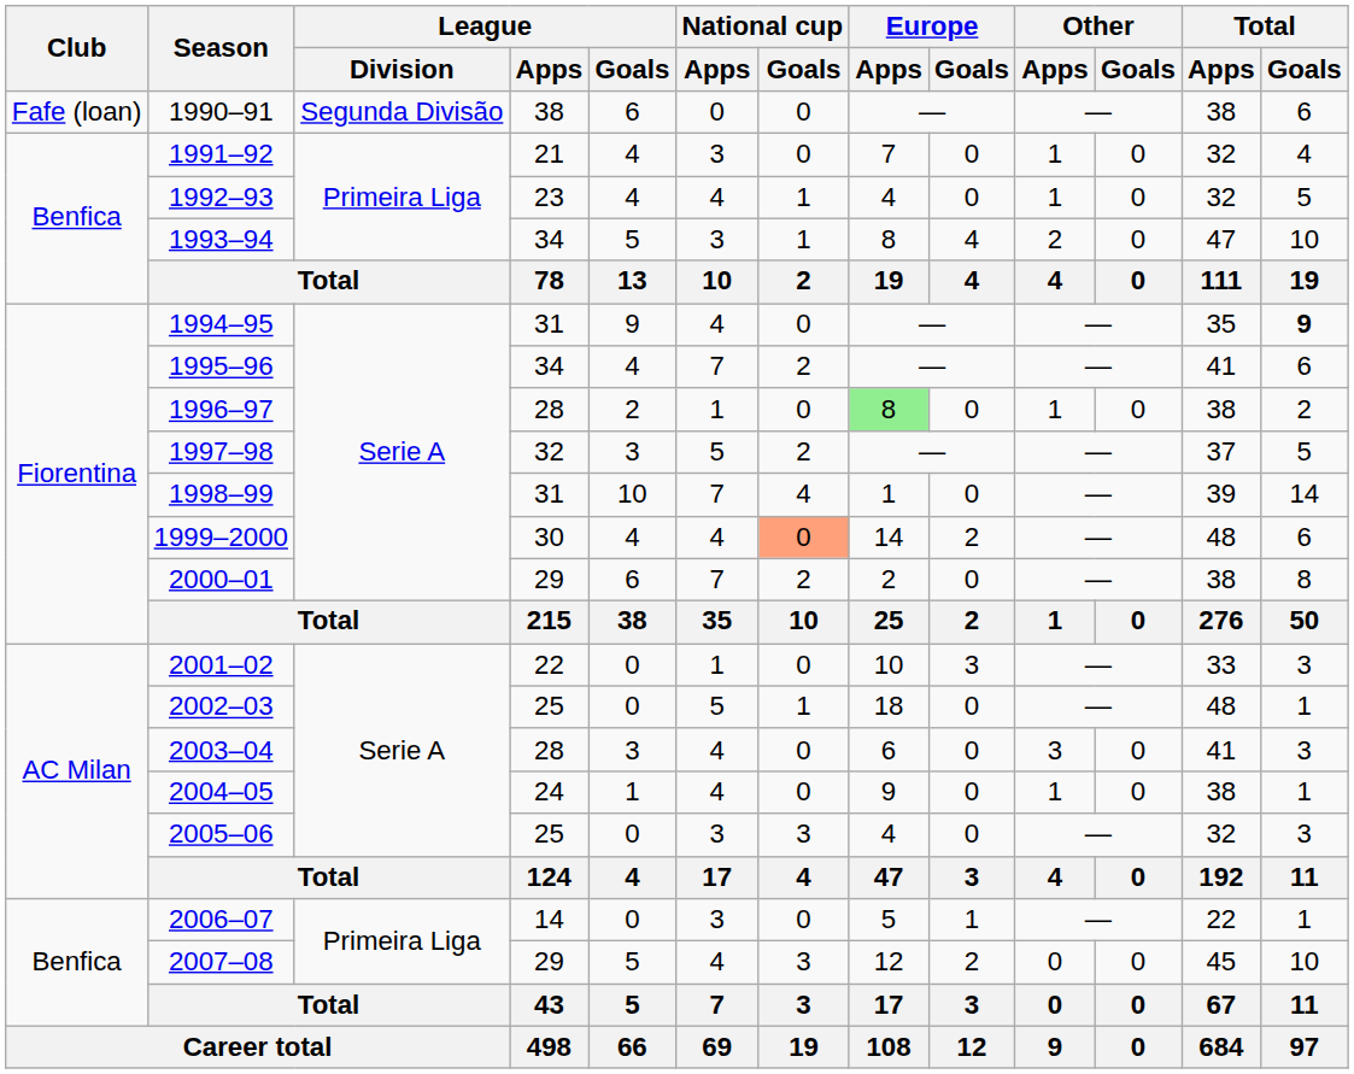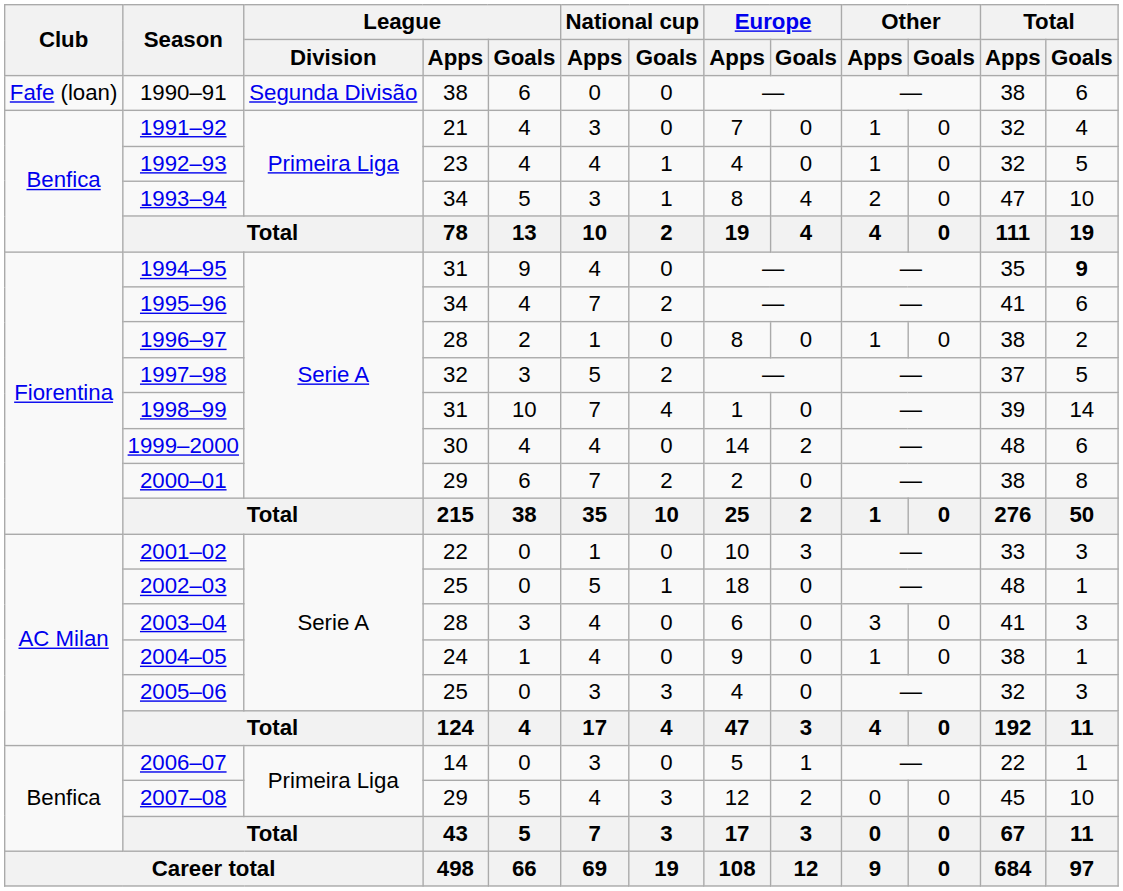 <table class="wikitable" style="text-align:center">
 <tr>
 <th rowspan="2">Club</th>
 <th rowspan="2">Season</th>
 <th colspan="3">League</th>
 <th colspan="2">National cup</th>
 <th colspan="2"><a href='#'>Europe</a></th>
 <th colspan="2">Other</th>
 <th colspan="2">Total</th>
 </tr>
 <tr>
 <th>Division</th>
 <th>Apps</th>
 <th>Goals</th>
 <th>Apps</th>
 <th>Goals</th>
 <th>Apps</th>
 <th>Goals</th>
 <th>Apps</th>
 <th>Goals</th>
 <th>Apps</th>
 <th>Goals</th>
 </tr>
 <tr>
 <td><a href='#'>Fafe</a> (loan)</td>
 <td>1990–91</td>
 <td><a href='#'>Segunda Divisão</a></td>
 <td>38</td>
 <td>6</td>
 <td>0</td>
 <td>0</td>
 <td colspan="2">—</td>
 <td colspan="2">—</td>
 <td>38</td>
 <td>6</td>
 </tr>
 <tr>
 <td rowspan="4"><a href='#'>Benfica</a></td>
 <td><a href='#'>1991–92</a></td>
 <td rowspan="3"><a href='#'>Primeira Liga</a></td>
 <td>21</td>
 <td>4</td>
 <td>3</td>
 <td>0</td>
 <td>7</td>
 <td>0</td>
 <td>1</td>
 <td>0</td>
 <td>32</td>
 <td>4</td>
 </tr>
 <tr>
 <td><a href='#'>1992–93</a></td>
 <td>23</td>
 <td>4</td>
 <td>4</td>
 <td>1</td>
 <td>4</td>
 <td>0</td>
 <td>1</td>
 <td>0</td>
 <td>32</td>
 <td>5</td>
 </tr>
 <tr>
 <td><a href='#'>1993–94</a></td>
 <td>34</td>
 <td>5</td>
 <td>3</td>
 <td>1</td>
 <td>8</td>
 <td>4</td>
 <td>2</td>
 <td>0</td>
 <td>47</td>
 <td>10</td>
 </tr>
 <tr>
 <th colspan="2">Total</th>
 <th>78</th>
 <th>13</th>
 <th>10</th>
 <th>2</th>
 <th>19</th>
 <th>4</th>
 <th>4</th>
 <th>0</th>
 <th>111</th>
 <th>19</th>
 </tr>
 <tr>
 <td rowspan="8"><a href='#'>Fiorentina</a></td>
 <td><a href='#'>1994–95</a></td>
 <td rowspan="7"><a href='#'>Serie A</a></td>
 <td>31</td>
 <td>9</td>
 <td>4</td>
 <td>0</td>
 <td colspan="2">—</td>
 <td colspan="2">—</td>
 <td>35</td>
 <td><strong>9</strong></td>
 </tr>
 <tr>
 <td><a href='#'>1995–96</a></td>
 <td>34</td>
 <td>4</td>
 <td>7</td>
 <td>2</td>
 <td colspan="2">—</td>
 <td colspan="2">—</td>
 <td>41</td>
 <td>6</td>
 </tr>
 <tr>
 <td><a href='#'>1996–97</a></td>
 <td>28</td>
 <td>2</td>
 <td>1</td>
 <td>0</td>
-<td style="background: lightgreen;">8</td>
+<td>8</td>
 <td>0</td>
 <td>1</td>
 <td>0</td>
 <td>38</td>
 <td>2</td>
 </tr>
 <tr>
 <td><a href='#'>1997–98</a></td>
 <td>32</td>
 <td>3</td>
 <td>5</td>
 <td>2</td>
 <td colspan="2">—</td>
 <td colspan="2">—</td>
 <td>37</td>
 <td>5</td>
 </tr>
 <tr>
 <td><a href='#'>1998–99</a></td>
 <td>31</td>
 <td>10</td>
 <td>7</td>
 <td>4</td>
 <td>1</td>
 <td>0</td>
 <td colspan="2">—</td>
 <td>39</td>
 <td>14</td>
 </tr>
 <tr>
 <td><a href='#'>1999–2000</a></td>
 <td>30</td>
 <td>4</td>
 <td>4</td>
-<td style="background: lightsalmon;">0</td>
+<td>0</td>
 <td>14</td>
 <td>2</td>
 <td colspan="2">—</td>
 <td>48</td>
 <td>6</td>
 </tr>
 <tr>
 <td><a href='#'>2000–01</a></td>
 <td>29</td>
 <td>6</td>
 <td>7</td>
 <td>2</td>
 <td>2</td>
 <td>0</td>
 <td colspan="2">—</td>
 <td>38</td>
 <td>8</td>
 </tr>
 <tr>
 <th colspan="2">Total</th>
 <th>215</th>
 <th>38</th>
 <th>35</th>
 <th>10</th>
 <th>25</th>
 <th>2</th>
 <th>1</th>
 <th>0</th>
 <th>276</th>
 <th>50</th>
 </tr>
 <tr>
 <td rowspan="6"><a href='#'>AC Milan</a></td>
 <td><a href='#'>2001–02</a></td>
 <td rowspan="5">Serie A</td>
 <td>22</td>
 <td>0</td>
 <td>1</td>
 <td>0</td>
 <td>10</td>
 <td>3</td>
 <td colspan="2">—</td>
 <td>33</td>
 <td>3</td>
 </tr>
 <tr>
 <td><a href='#'>2002–03</a></td>
 <td>25</td>
 <td>0</td>
 <td>5</td>
 <td>1</td>
 <td>18</td>
 <td>0</td>
 <td colspan="2">—</td>
 <td>48</td>
 <td>1</td>
 </tr>
 <tr>
 <td><a href='#'>2003–04</a></td>
 <td>28</td>
 <td>3</td>
 <td>4</td>
 <td>0</td>
 <td>6</td>
 <td>0</td>
 <td>3</td>
 <td>0</td>
 <td>41</td>
 <td>3</td>
 </tr>
 <tr>
 <td><a href='#'>2004–05</a></td>
 <td>24</td>
 <td>1</td>
 <td>4</td>
 <td>0</td>
 <td>9</td>
 <td>0</td>
 <td>1</td>
 <td>0</td>
 <td>38</td>
 <td>1</td>
 </tr>
 <tr>
 <td><a href='#'>2005–06</a></td>
 <td>25</td>
 <td>0</td>
 <td>3</td>
 <td>3</td>
 <td>4</td>
 <td>0</td>
 <td colspan="2">—</td>
 <td>32</td>
 <td>3</td>
 </tr>
 <tr>
 <th colspan="2">Total</th>
 <th>124</th>
 <th>4</th>
 <th>17</th>
 <th>4</th>
 <th>47</th>
 <th>3</th>
 <th>4</th>
 <th>0</th>
 <th>192</th>
 <th>11</th>
 </tr>
 <tr>
 <td rowspan="3">Benfica</td>
 <td><a href='#'>2006–07</a></td>
 <td rowspan="2">Primeira Liga</td>
 <td>14</td>
 <td>0</td>
 <td>3</td>
 <td>0</td>
 <td>5</td>
 <td>1</td>
 <td colspan="2">—</td>
 <td>22</td>
 <td>1</td>
 </tr>
 <tr>
 <td><a href='#'>2007–08</a></td>
 <td>29</td>
 <td>5</td>
 <td>4</td>
 <td>3</td>
 <td>12</td>
 <td>2</td>
 <td>0</td>
 <td>0</td>
 <td>45</td>
 <td>10</td>
 </tr>
 <tr>
 <th colspan="2">Total</th>
 <th>43</th>
 <th>5</th>
 <th>7</th>
 <th>3</th>
 <th>17</th>
 <th>3</th>
 <th>0</th>
 <th>0</th>
 <th>67</th>
 <th>11</th>
 </tr>
 <tr>
 <th colspan="3">Career total</th>
 <th>498</th>
 <th>66</th>
 <th>69</th>
 <th>19</th>
 <th>108</th>
 <th>12</th>
 <th>9</th>
 <th>0</th>
 <th>684</th>
 <th>97</th>
 </tr>
 </table>
